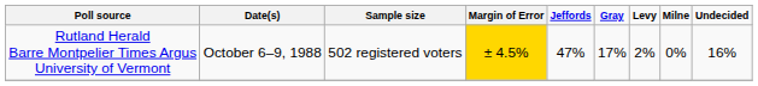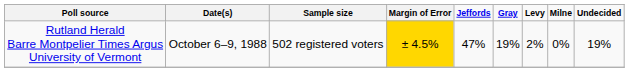 <table class="wikitable" style="text-align:center;font-size:small;">
 <tr>
 <th style="font-size:88%"><small>Poll source</small></th>
 <th style="font-size:88%"><small>Date(s)</small></th>
 <th style="font-size:88%"><small>Sample size</small></th>
 <th style="font-size:88%"><small>Margin of Error</small></th>
 <td style="font-size:88%"><small><strong><a href='#'>Jeffords</a></strong></small></td>
 <td style="font-size:88%"><small><strong><a href='#'>Gray</a></strong></small></td>
 <td style="font-size:88%"><small><strong>Levy</strong></small></td>
 <td style="font-size:88%"><small><strong>Milne</strong></small></td>
 <td style="font-size:88%"><small><strong>Undecided</strong></small></td>
 </tr>
 <tr>
 <td><a href='#'>Rutland Herald</a> <br> <a href='#'>Barre Montpelier Times Argus</a> <br> <a href='#'>University of Vermont</a></td>
 <td>October 6–9, 1988</td>
 <td>502 registered voters</td>
 <td style="background: gold;">± 4.5%</td>
 <td>47%<em><strong></td>
-<td>17%</td>
+<td>19%</td>
 <td>2%</td>
 <td>0%</td>
-<td>16%</td>
+<td>19%</td>
 </tr>
 <tr>
 </tr>
 </table>
